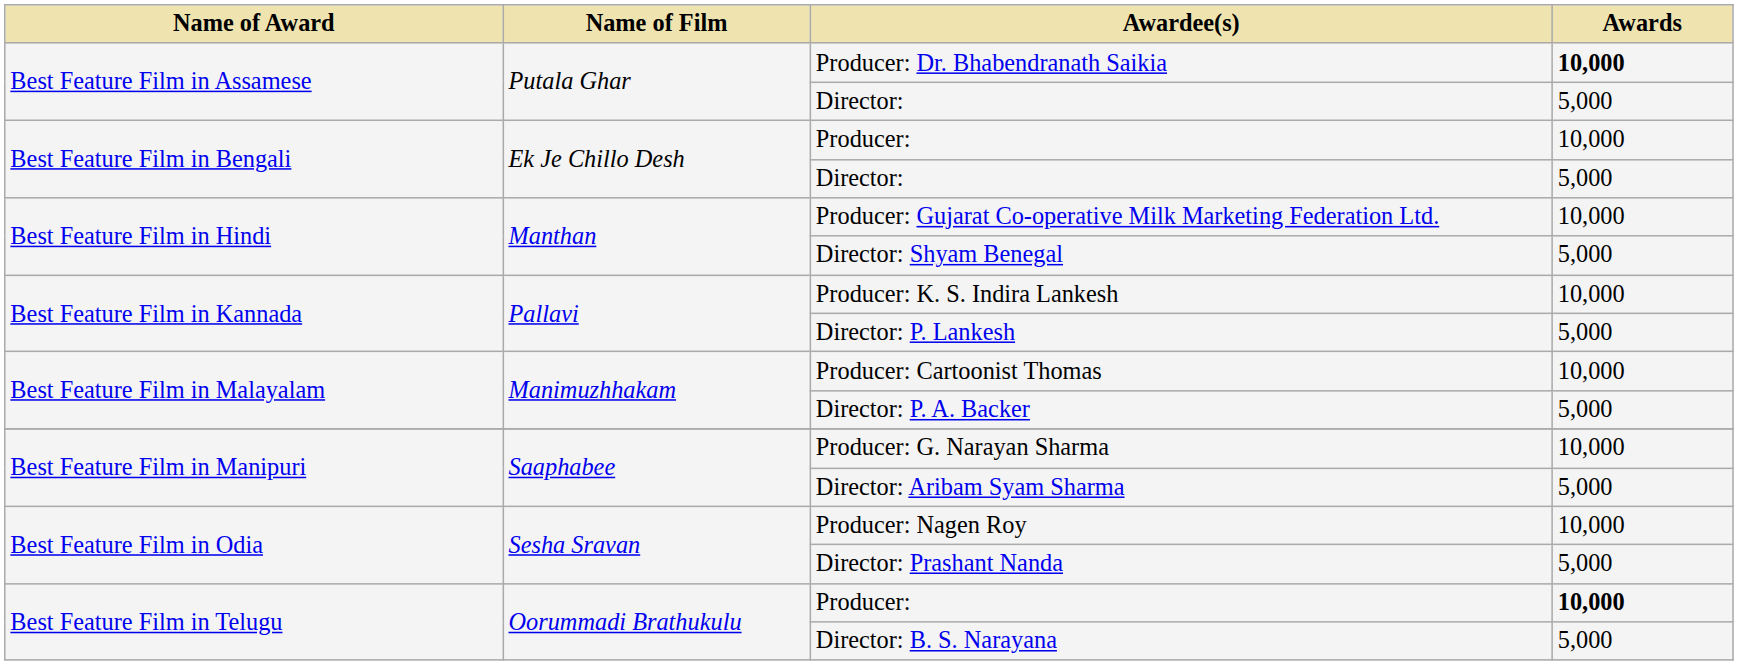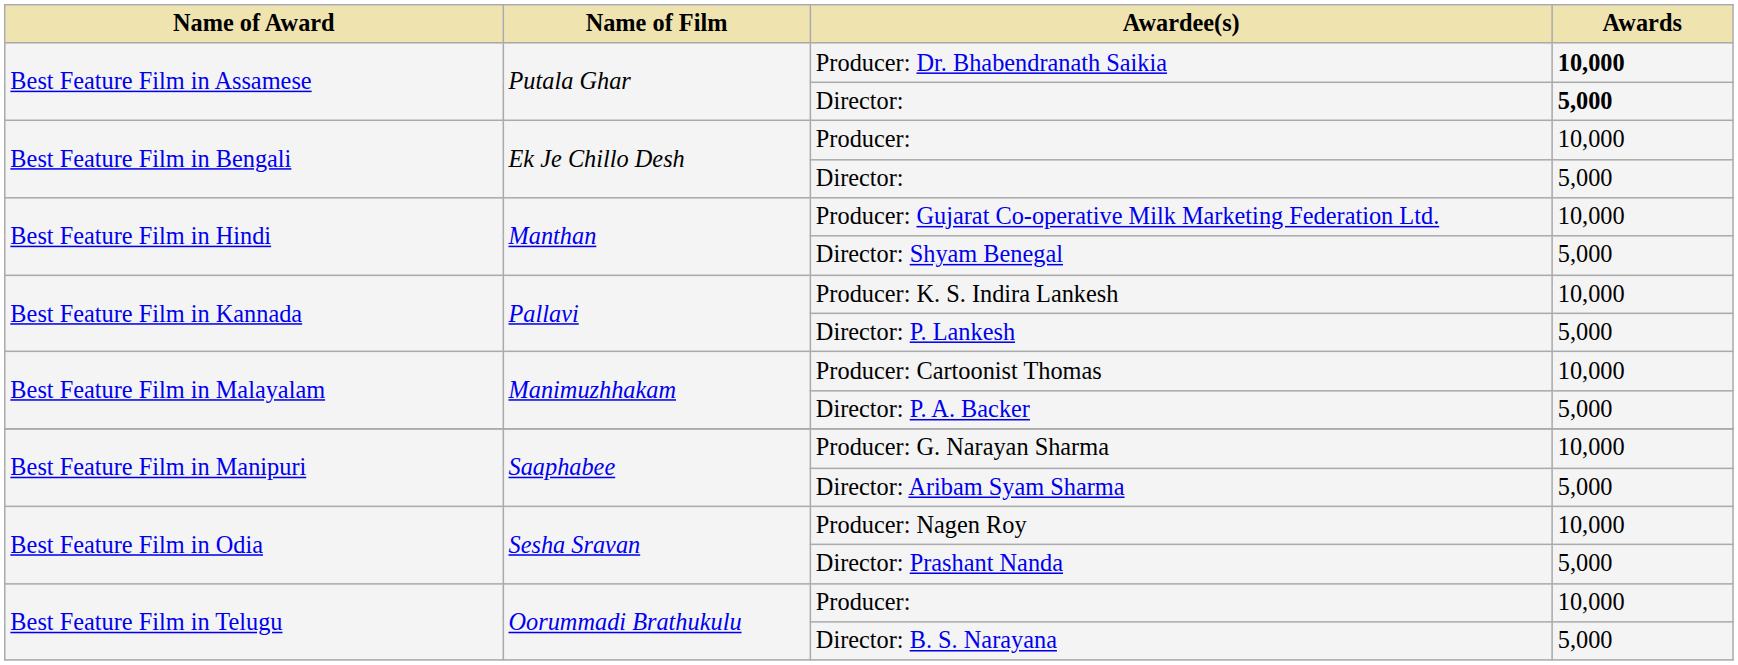 <table class="wikitable sortable" style="width:90%;">
 <tr>
 <th style="background-color:#EFE4B0;width:23.5%;">Name of Award</th>
 <th style="background-color:#EFE4B0;width:14.5%;">Name of Film</th>
 <th style="background-color:#EFE4B0;width:35%;">Awardee(s)</th>
 <th style="background-color:#EFE4B0;width:8.5%;">Awards</th>
 </tr>
 <tr style="background-color:#F4F4F4">
 <td rowspan="2"><a href='#'>Best Feature Film in Assamese</a></td>
 <td rowspan="2"><em>Putala Ghar</em></td>
 <td>Producer: <a href='#'>Dr. Bhabendranath Saikia</a></td>
 <td><strong>10,000</strong></td>
 </tr>
 <tr style="background-color:#F4F4F4">
 <td>Director:</td>
-<td>5,000</td>
+<td><strong>5,000</strong></td>
 </tr>
 <tr style="background-color:#F4F4F4">
 <td rowspan="2"><a href='#'>Best Feature Film in Bengali</a></td>
 <td rowspan="2"><em>Ek Je Chillo Desh</em></td>
 <td>Producer:</td>
 <td>10,000</td>
 </tr>
 <tr style="background-color:#F4F4F4">
 <td>Director:</td>
 <td>5,000</td>
 </tr>
 <tr style="background-color:#F4F4F4">
 <td rowspan="2"><a href='#'>Best Feature Film in Hindi</a></td>
 <td rowspan="2"><em><a href='#'>Manthan</a></em></td>
 <td>Producer: <a href='#'>Gujarat Co-operative Milk Marketing Federation Ltd.</a></td>
 <td>10,000</td>
 </tr>
 <tr style="background-color:#F4F4F4">
 <td>Director: <a href='#'>Shyam Benegal</a></td>
 <td>5,000</td>
 </tr>
 <tr style="background-color:#F4F4F4">
 <td rowspan="2"><a href='#'>Best Feature Film in Kannada</a></td>
 <td rowspan="2"><em><a href='#'>Pallavi</a></em></td>
 <td>Producer: K. S. Indira Lankesh</td>
 <td>10,000</td>
 </tr>
 <tr style="background-color:#F4F4F4">
 <td>Director: <a href='#'>P. Lankesh</a></td>
 <td>5,000</td>
 </tr>
 <tr style="background-color:#F4F4F4">
 <td rowspan="2"><a href='#'>Best Feature Film in Malayalam</a></td>
 <td rowspan="2"><em><a href='#'>Manimuzhhakam</a></em></td>
 <td>Producer: Cartoonist Thomas</td>
 <td>10,000</td>
 </tr>
 <tr style="background-color:#F4F4F4">
 <td>Director: <a href='#'>P. A. Backer</a></td>
 <td>5,000</td>
 </tr>
 <tr style="background-color:#F4F4F4">
 </tr>
 <tr style="background-color:#F4F4F4">
 <td rowspan="2"><a href='#'>Best Feature Film in Manipuri</a></td>
 <td rowspan="2"><em><a href='#'>Saaphabee</a></em></td>
 <td>Producer: G. Narayan Sharma</td>
 <td>10,000</td>
 </tr>
 <tr style="background-color:#F4F4F4">
 <td>Director: <a href='#'>Aribam Syam Sharma</a></td>
 <td>5,000</td>
 </tr>
 <tr style="background-color:#F4F4F4">
 <td rowspan="2"><a href='#'>Best Feature Film in Odia</a></td>
 <td rowspan="2"><em><a href='#'>Sesha Sravan</a></em></td>
 <td>Producer: Nagen Roy</td>
 <td>10,000</td>
 </tr>
 <tr style="background-color:#F4F4F4">
 <td>Director: <a href='#'>Prashant Nanda</a></td>
 <td>5,000</td>
 </tr>
 <tr style="background-color:#F4F4F4">
 <td rowspan="2"><a href='#'>Best Feature Film in Telugu</a></td>
 <td rowspan="2"><em><a href='#'>Oorummadi Brathukulu</a></em></td>
 <td>Producer:</td>
-<td><strong>10,000</strong></td>
+<td>10,000</td>
 </tr>
 <tr style="background-color:#F4F4F4">
 <td>Director: <a href='#'>B. S. Narayana</a></td>
 <td>5,000</td>
 </tr>
 </table>
